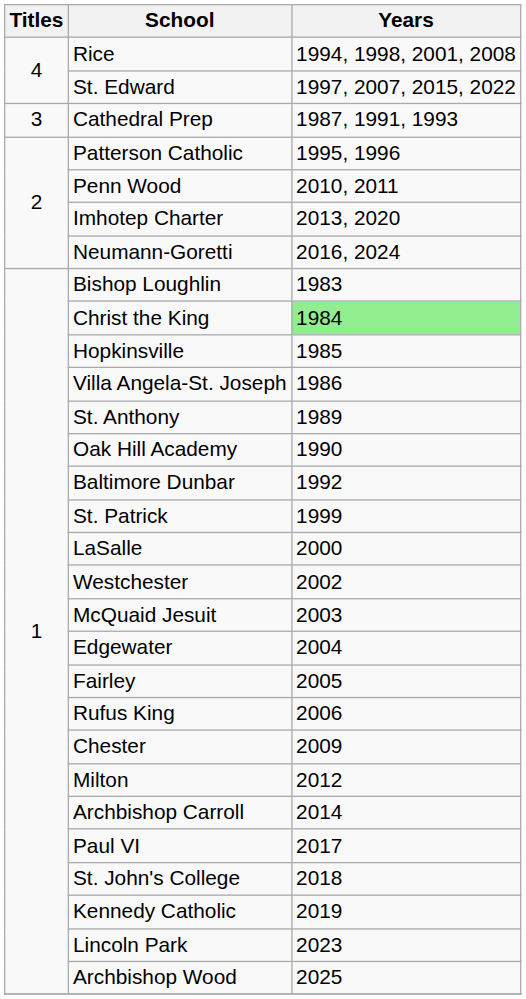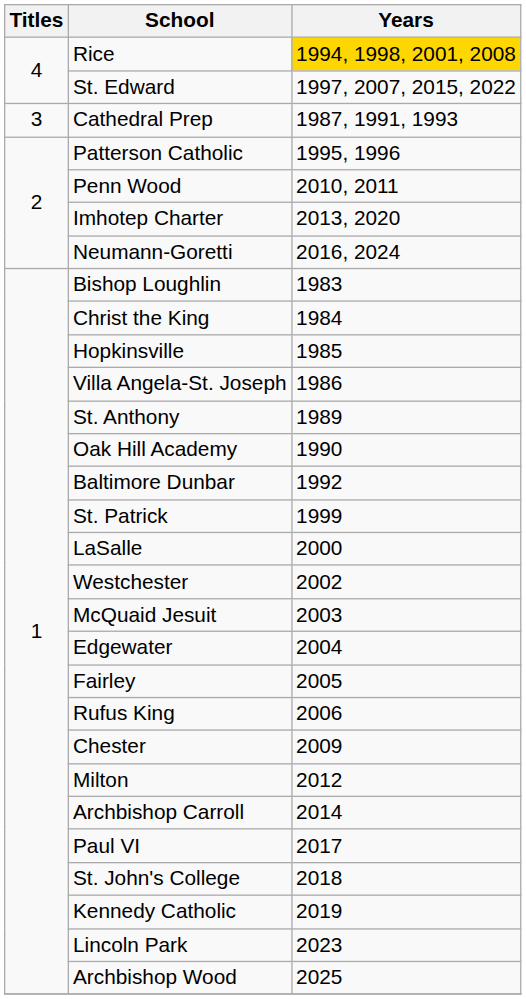 <table class="wikitable">
 <tr>
 <th>Titles</th>
 <th>School</th>
 <th>Years</th>
 </tr>
 <tr>
 <td rowspan="2" style="text-align:center;">4</td>
 <td>Rice</td>
-<td>1994, 1998, 2001, 2008</td>
+<td style="background: gold;">1994, 1998, 2001, 2008</td>
 </tr>
 <tr>
 <td>St. Edward</td>
 <td>1997, 2007, 2015, 2022</td>
 </tr>
 <tr>
 <td style="text-align:center;">3</td>
 <td>Cathedral Prep</td>
 <td>1987, 1991, 1993</td>
 </tr>
 <tr>
 <td rowspan="4" style="text-align:center;">2</td>
 <td>Patterson Catholic</td>
 <td>1995, 1996</td>
 </tr>
 <tr>
 <td>Penn Wood</td>
 <td>2010, 2011</td>
 </tr>
 <tr>
 <td>Imhotep Charter</td>
 <td>2013, 2020</td>
 </tr>
 <tr>
 <td>Neumann-Goretti</td>
 <td>2016, 2024</td>
 </tr>
 <tr>
 <td rowspan="22" style="text-align:center;">1</td>
 <td>Bishop Loughlin</td>
 <td>1983</td>
 </tr>
 <tr>
 <td>Christ the King</td>
-<td style="background: lightgreen;">1984</td>
+<td>1984</td>
 </tr>
 <tr>
 <td>Hopkinsville</td>
 <td>1985</td>
 </tr>
 <tr>
 <td>Villa Angela-St. Joseph</td>
 <td>1986</td>
 </tr>
 <tr>
 <td>St. Anthony</td>
 <td>1989</td>
 </tr>
 <tr>
 <td>Oak Hill Academy</td>
 <td>1990</td>
 </tr>
 <tr>
 <td>Baltimore Dunbar</td>
 <td>1992</td>
 </tr>
 <tr>
 <td>St. Patrick</td>
 <td>1999</td>
 </tr>
 <tr>
 <td>LaSalle</td>
 <td>2000</td>
 </tr>
 <tr>
 <td>Westchester</td>
 <td>2002</td>
 </tr>
 <tr>
 <td>McQuaid Jesuit</td>
 <td>2003</td>
 </tr>
 <tr>
 <td>Edgewater</td>
 <td>2004</td>
 </tr>
 <tr>
 <td>Fairley</td>
 <td>2005</td>
 </tr>
 <tr>
 <td>Rufus King</td>
 <td>2006</td>
 </tr>
 <tr>
 <td>Chester</td>
 <td>2009</td>
 </tr>
 <tr>
 <td>Milton</td>
 <td>2012</td>
 </tr>
 <tr>
 <td>Archbishop Carroll</td>
 <td>2014</td>
 </tr>
 <tr>
 <td>Paul VI</td>
 <td>2017</td>
 </tr>
 <tr>
 <td>St. John's College</td>
 <td>2018</td>
 </tr>
 <tr>
 <td>Kennedy Catholic</td>
 <td>2019</td>
 </tr>
 <tr>
 <td>Lincoln Park</td>
 <td>2023</td>
 </tr>
 <tr>
 <td>Archbishop Wood</td>
 <td>2025</td>
 </tr>
 <tr>
 </tr>
 </table>
